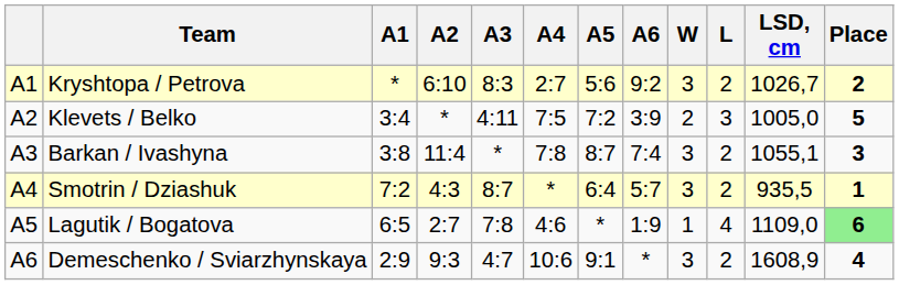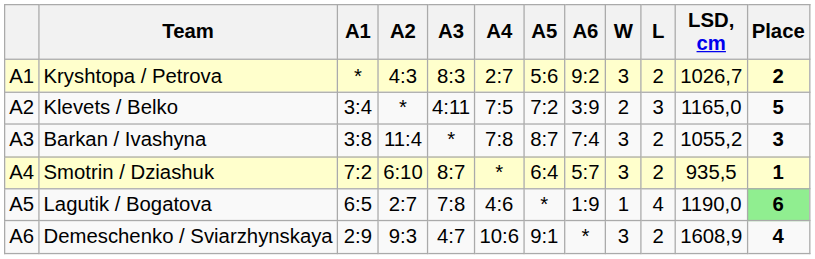 <table class="wikitable" style="text-align:center;">
 <tr>
 <th></th>
 <th>Team</th>
 <th width="25">A1</th>
 <th width="25">A2</th>
 <th width="25">A3</th>
 <th width="25">A4</th>
 <th width="25">A5</th>
 <th width="25">A6</th>
 <th width="20">W</th>
 <th width="20">L</th>
 <th width="30">LSD,<br><a href='#'>cm</a></th>
 <th>Place</th>
 </tr>
 <tr bgcolor=#ffffcc>
 <td>A1</td>
 <td align=left>Kryshtopa / Petrova</td>
 <td>*</td>
-<td>6:10</td>
+<td>4:3</td>
 <td>8:3</td>
 <td>2:7</td>
 <td>5:6</td>
 <td>9:2</td>
 <td>3</td>
 <td>2</td>
 <td>1026,7</td>
 <td><strong>2</strong></td>
 </tr>
 <tr>
 <td>A2</td>
 <td align=left>Klevets / Belko</td>
 <td>3:4</td>
 <td>*</td>
 <td>4:11</td>
 <td>7:5</td>
 <td>7:2</td>
 <td>3:9</td>
 <td>2</td>
 <td>3</td>
-<td>1005,0</td>
+<td>1165,0</td>
 <td><strong>5</strong></td>
 </tr>
 <tr>
 <td>A3</td>
 <td align=left>Barkan / Ivashyna</td>
 <td>3:8</td>
 <td>11:4</td>
 <td>*</td>
 <td>7:8</td>
 <td>8:7</td>
 <td>7:4</td>
 <td>3</td>
 <td>2</td>
-<td>1055,1</td>
+<td>1055,2</td>
 <td><strong>3</strong></td>
 </tr>
 <tr bgcolor=#ffffcc>
 <td>A4</td>
 <td align=left>Smotrin / Dziashuk</td>
 <td>7:2</td>
-<td>4:3</td>
+<td>6:10</td>
 <td>8:7</td>
 <td>*</td>
 <td>6:4</td>
 <td>5:7</td>
 <td>3</td>
 <td>2</td>
 <td>935,5</td>
 <td><strong>1</strong></td>
 </tr>
 <tr>
 <td>A5</td>
 <td align=left>Lagutik / Bogatova</td>
 <td>6:5</td>
 <td>2:7</td>
 <td>7:8</td>
 <td>4:6</td>
 <td>*</td>
 <td>1:9</td>
 <td>1</td>
 <td>4</td>
-<td>1109,0</td>
+<td>1190,0</td>
 <td style="background: lightgreen;"><strong>6</strong></td>
 </tr>
 <tr>
 <td>A6</td>
 <td align=left>Demeschenko / Sviarzhynskaya</td>
 <td>2:9</td>
 <td>9:3</td>
 <td>4:7</td>
 <td>10:6</td>
 <td>9:1</td>
 <td>*</td>
 <td>3</td>
 <td>2</td>
 <td>1608,9</td>
 <td><strong>4</strong></td>
 </tr>
 </table>
